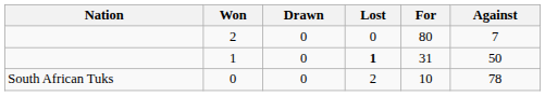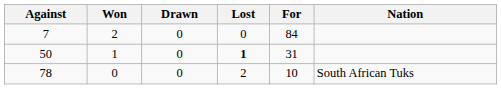 <table class="wikitable" style="text-align: center; width:50%">
 <tr>
-<th>Nation</th>
+<th>Against</th>
 <th>Won</th>
 <th>Drawn</th>
 <th>Lost</th>
 <th>For</th>
-<th>Against</th>
+<th>Nation</th>
 </tr>
 <tr>
-<td align=left></td>
+<td>7</td>
 <td>2</td>
 <td>0</td>
 <td>0</td>
-<td>80</td>
-<td>7</td>
+<td>84</td>
+<td align=left></td>
 </tr>
 <tr>
-<td align=left></td>
+<td>50</td>
 <td>1</td>
 <td>0</td>
 <td><strong>1</strong></td>
 <td>31</td>
-<td>50</td>
+<td align=left></td>
 </tr>
 <tr>
-<td align=left> South African Tuks</td>
+<td>78</td>
 <td>0</td>
 <td>0</td>
 <td>2</td>
 <td>10</td>
-<td>78</td>
+<td align=left> South African Tuks</td>
 </tr>
 </table>
